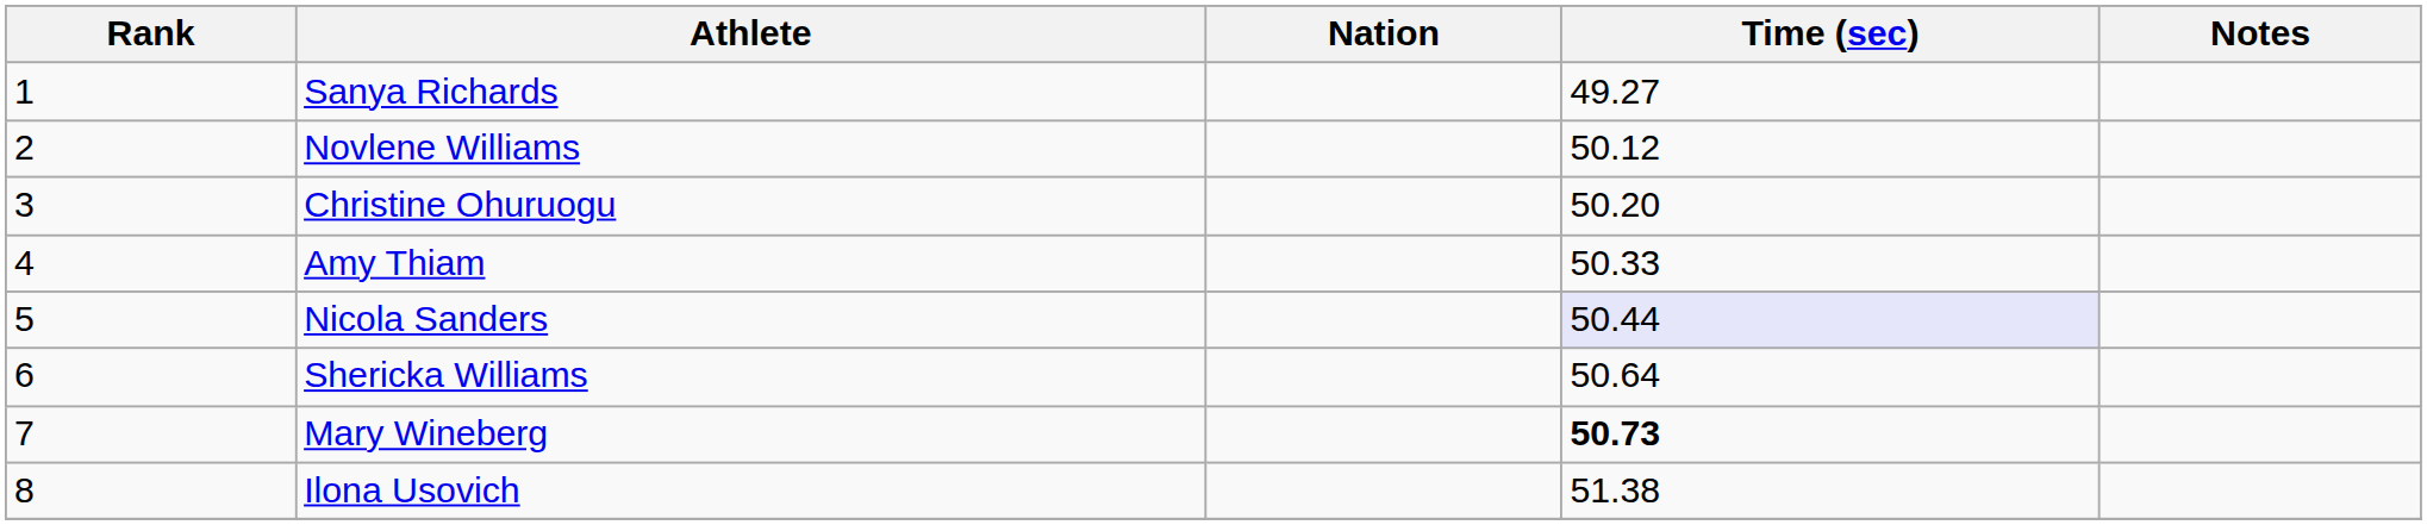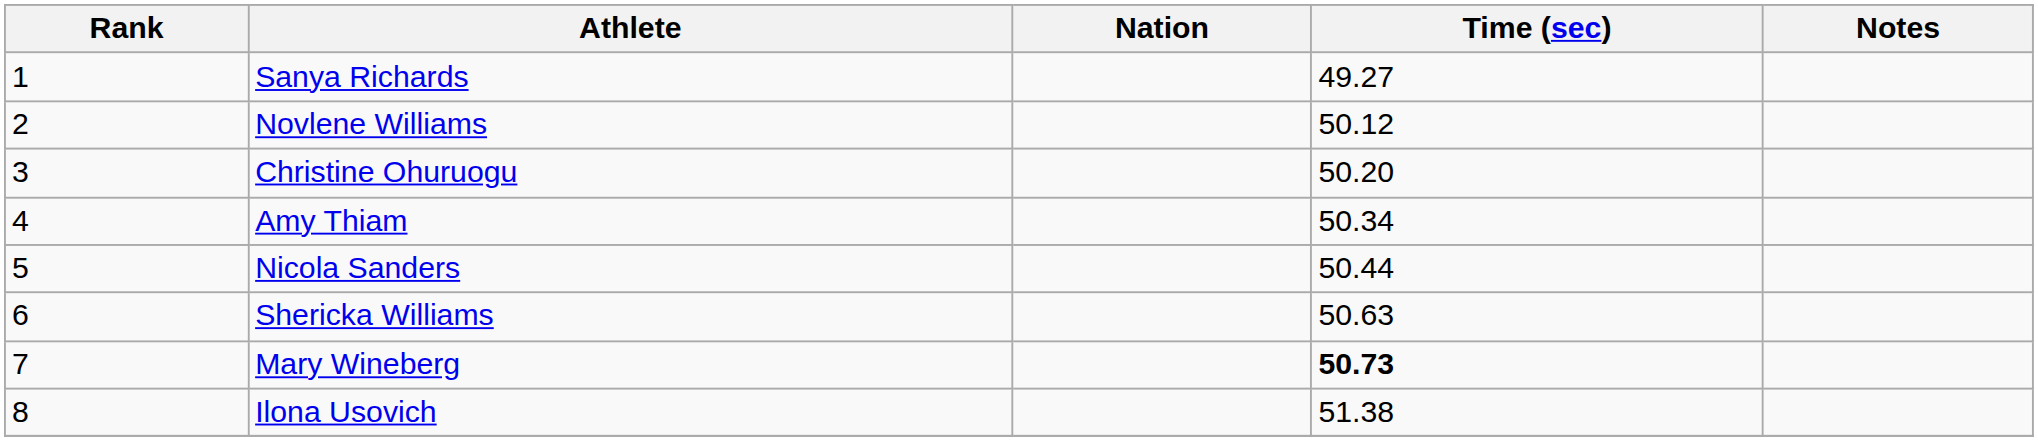 <table class="wikitable" style="text=align:center;" width=85%>
 <tr>
 <th>Rank</th>
 <th>Athlete</th>
 <th>Nation</th>
 <th>Time (<a href='#'>sec</a>)</th>
 <th>Notes</th>
 </tr>
 <tr>
 <td>1</td>
 <td><a href='#'>Sanya Richards</a></td>
 <td></td>
 <td>49.27</td>
 <td></td>
 </tr>
 <tr>
 <td>2</td>
 <td><a href='#'>Novlene Williams</a></td>
 <td></td>
 <td>50.12</td>
 <td></td>
 </tr>
 <tr>
 <td>3</td>
 <td><a href='#'>Christine Ohuruogu</a></td>
 <td></td>
 <td>50.20</td>
 <td></td>
 </tr>
 <tr>
 <td>4</td>
 <td><a href='#'>Amy Thiam</a></td>
 <td></td>
-<td>50.33</td>
+<td>50.34</td>
 <td></td>
 </tr>
 <tr>
 <td>5</td>
 <td><a href='#'>Nicola Sanders</a></td>
 <td></td>
-<td style="background: lavender;">50.44</td>
+<td>50.44</td>
 <td></td>
 </tr>
 <tr>
 <td>6</td>
 <td><a href='#'>Shericka Williams</a></td>
 <td></td>
-<td>50.64</td>
+<td>50.63</td>
 <td></td>
 </tr>
 <tr>
 <td>7</td>
 <td><a href='#'>Mary Wineberg</a></td>
 <td></td>
 <td><strong>50.73</strong></td>
 <td></td>
 </tr>
 <tr>
 <td>8</td>
 <td><a href='#'>Ilona Usovich</a></td>
 <td></td>
 <td>51.38</td>
 <td></td>
 </tr>
 <tr>
 </tr>
 </table>
